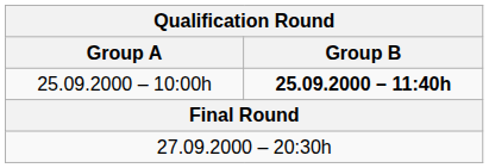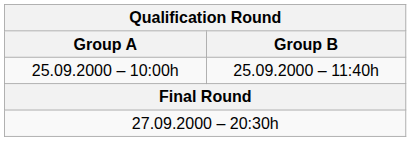 <table class="wikitable" style=" text-align:center; font-size:110%;" width="35%">
 <tr>
 <th colspan="2">Qualification Round</th>
 </tr>
 <tr>
 <th>Group A</th>
 <th>Group B</th>
 </tr>
 <tr>
 <td>25.09.2000 – 10:00h</td>
-<td><strong>25.09.2000 – 11:40h</strong></td>
+<td>25.09.2000 – 11:40h</td>
 </tr>
 <tr>
 <th colspan="2">Final Round</th>
 </tr>
 <tr>
 <td colspan="2">27.09.2000 – 20:30h</td>
 </tr>
 </table>
